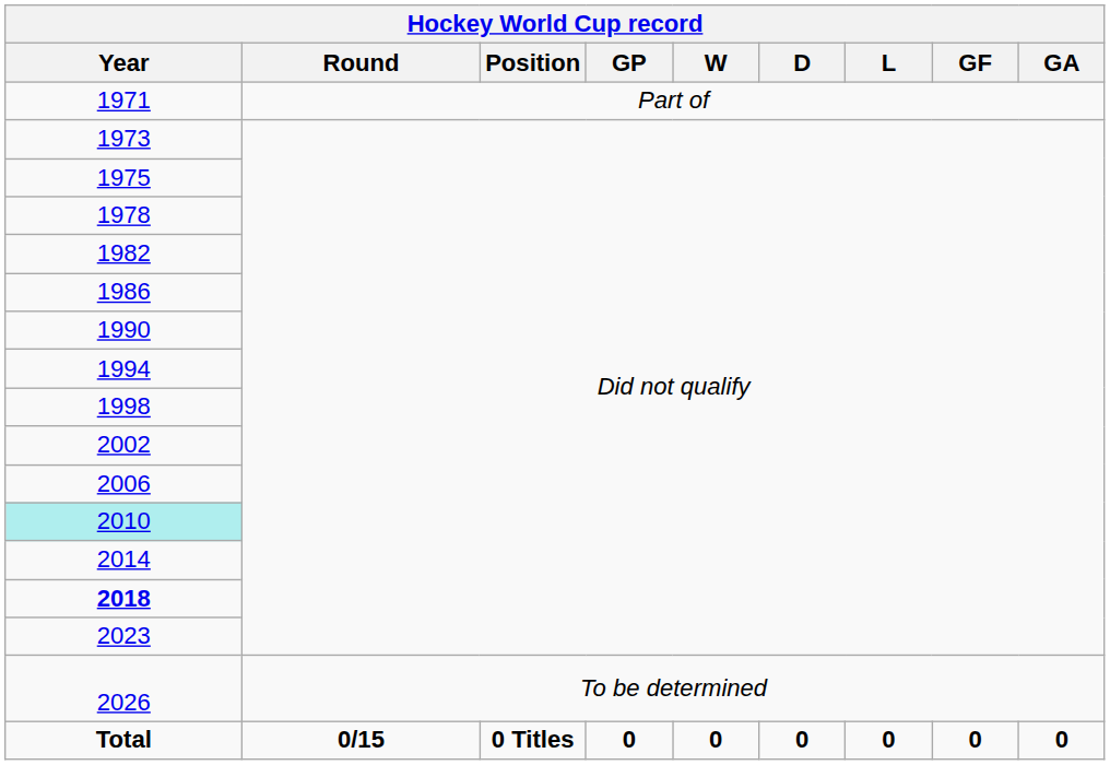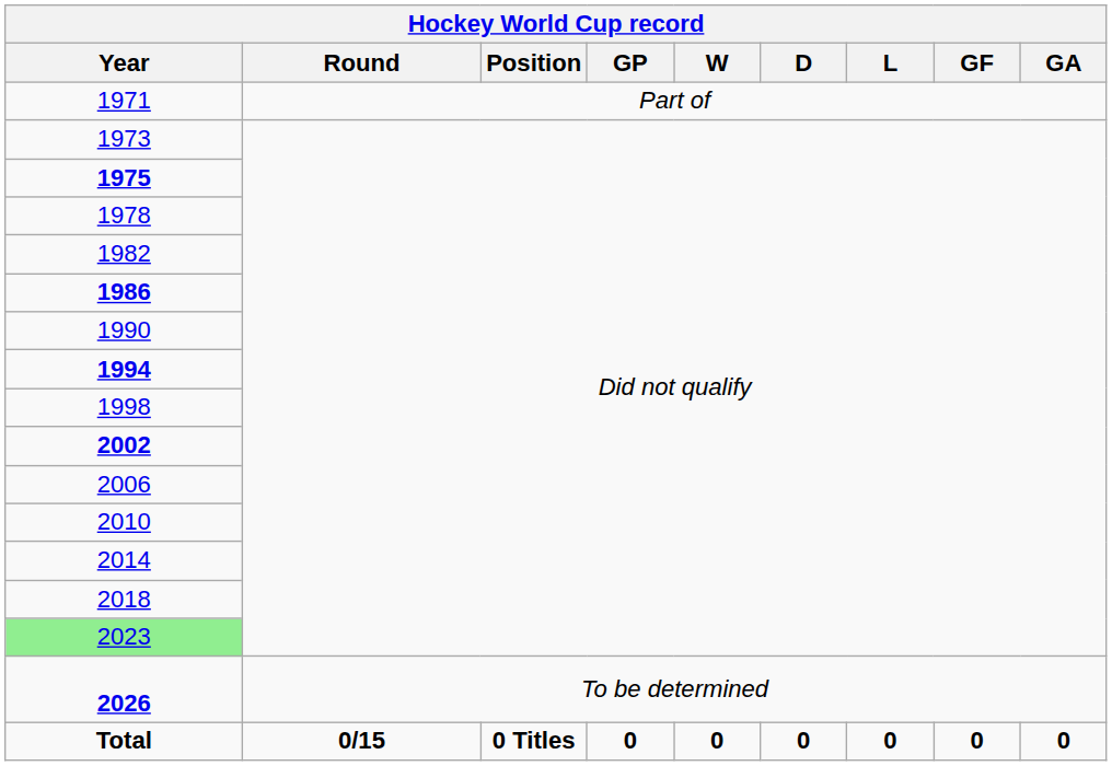 <table class="wikitable" style="text-align: center;">
 <tr>
 <th colspan=9><a href='#'>Hockey World Cup record</a></th>
 </tr>
 <tr>
 <th width=150>Year</th>
 <th width=150>Round</th>
 <th width=50>Position</th>
 <th width=50>GP</th>
 <th width=50>W</th>
 <th width=50>D</th>
 <th width=50>L</th>
 <th width=50>GF</th>
 <th width=50>GA</th>
 </tr>
 <tr>
 <td> <a href='#'>1971</a></td>
 <td colspan=9><em>Part of </em></td>
 </tr>
 <tr>
 <td> <a href='#'>1973</a></td>
 <td colspan=9  rowspan=14><em>Did not qualify</em></td>
 </tr>
 <tr>
-<td> <a href='#'>1975</a></td>
+<td><strong> <a href='#'>1975</a></strong></td>
 </tr>
 <tr>
 <td> <a href='#'>1978</a></td>
 </tr>
 <tr>
 <td> <a href='#'>1982</a></td>
 </tr>
 <tr>
-<td> <a href='#'>1986</a></td>
+<td><strong> <a href='#'>1986</a></strong></td>
 </tr>
 <tr>
 <td> <a href='#'>1990</a></td>
 </tr>
 <tr>
-<td> <a href='#'>1994</a></td>
+<td><strong> <a href='#'>1994</a></strong></td>
 </tr>
 <tr>
 <td> <a href='#'>1998</a></td>
 </tr>
 <tr>
-<td> <a href='#'>2002</a></td>
+<td><strong> <a href='#'>2002</a></strong></td>
 </tr>
 <tr>
 <td> <a href='#'>2006</a></td>
 </tr>
 <tr>
-<td style="background: paleturquoise;"> <a href='#'>2010</a></td>
+<td> <a href='#'>2010</a></td>
 </tr>
 <tr>
 <td> <a href='#'>2014</a></td>
 </tr>
 <tr>
-<td><strong> <a href='#'>2018</a></strong></td>
+<td> <a href='#'>2018</a></td>
 </tr>
 <tr>
-<td> <a href='#'>2023</a></td>
+<td style="background: lightgreen;"> <a href='#'>2023</a></td>
 </tr>
 <tr>
-<td><br> <a href='#'>2026</a></td>
+<td><strong><br> <a href='#'>2026</a></strong></td>
 <td colspan=8><em>To be determined</em></td>
 </tr>
 <tr>
 <td><strong>Total</strong></td>
 <td><strong>0/15</strong></td>
 <td><strong>0 Titles</strong></td>
 <td><strong>0</strong></td>
 <td><strong>0</strong></td>
 <td><strong>0</strong></td>
 <td><strong>0</strong></td>
 <td><strong>0</strong></td>
 <td><strong>0</strong></td>
 </tr>
 </table>
